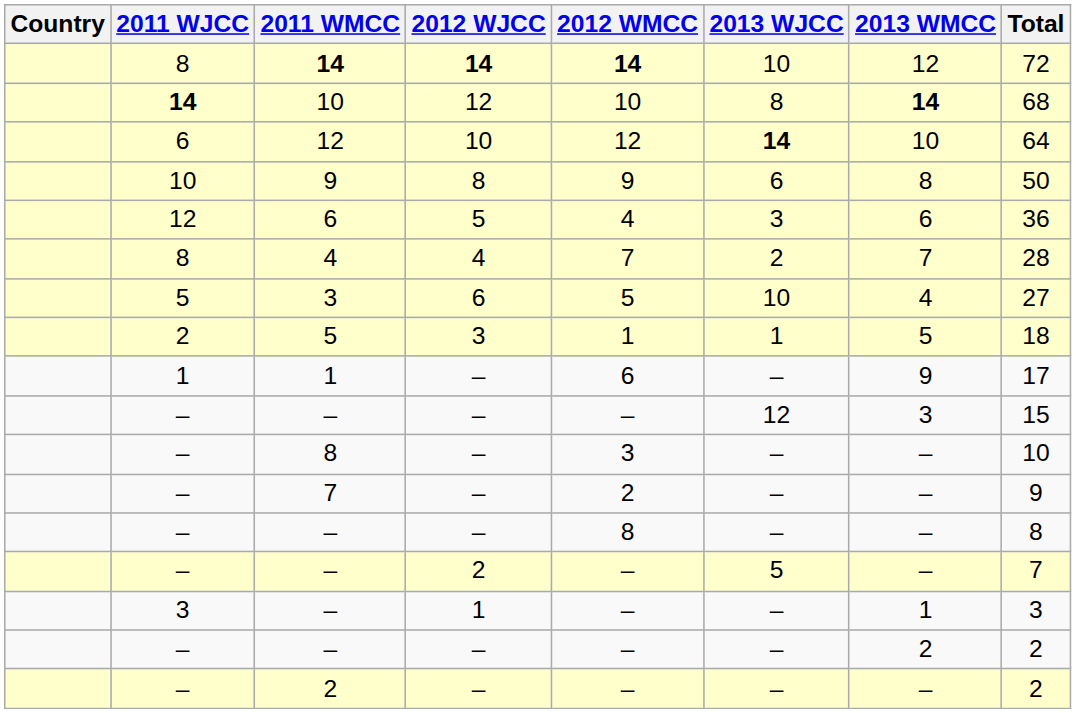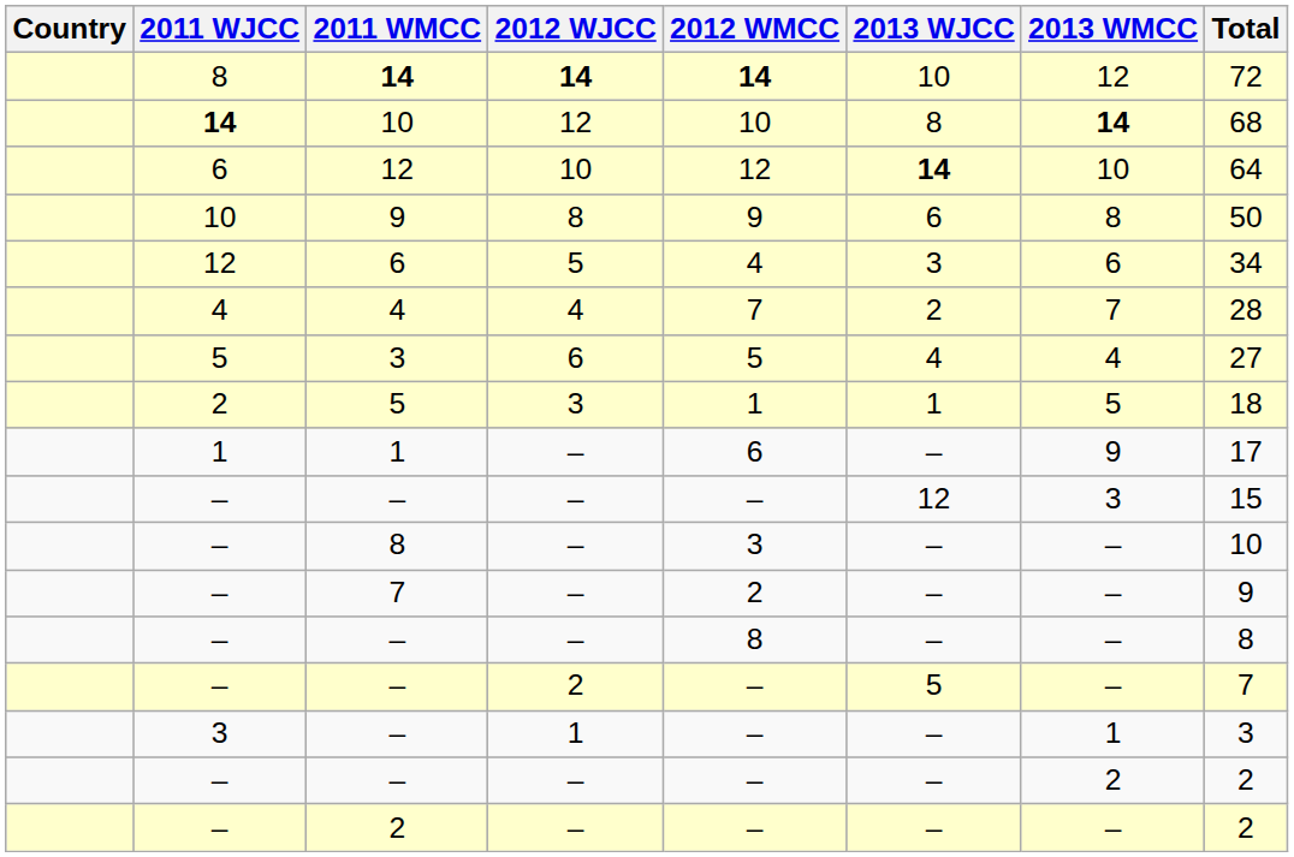 <table class="wikitable sortable" style="text-align:center;">
 <tr>
 <th>Country</th>
 <th><a href='#'>2011 WJCC</a></th>
 <th><a href='#'>2011 WMCC</a></th>
 <th><a href='#'>2012 WJCC</a></th>
 <th><a href='#'>2012 WMCC</a></th>
 <th><a href='#'>2013 WJCC</a></th>
 <th><a href='#'>2013 WMCC</a></th>
 <th>Total</th>
 </tr>
 <tr bgcolor=#ffffcc>
 <td align=left></td>
 <td>8</td>
 <td><strong>14</strong></td>
 <td><strong>14</strong></td>
 <td><strong>14</strong></td>
 <td>10</td>
 <td>12</td>
 <td>72</td>
 </tr>
 <tr bgcolor=#ffffcc>
 <td align=left></td>
 <td><strong>14</strong></td>
 <td>10</td>
 <td>12</td>
 <td>10</td>
 <td>8</td>
 <td><strong>14</strong></td>
 <td>68</td>
 </tr>
 <tr bgcolor=#ffffcc>
 <td align=left></td>
 <td>6</td>
 <td>12</td>
 <td>10</td>
 <td>12</td>
 <td><strong>14</strong></td>
 <td>10</td>
 <td>64</td>
 </tr>
 <tr bgcolor=#ffffcc>
 <td align=left></td>
 <td>10</td>
 <td>9</td>
 <td>8</td>
 <td>9</td>
 <td>6</td>
 <td>8</td>
 <td>50</td>
 </tr>
 <tr bgcolor=#ffffcc>
 <td align=left></td>
 <td>12</td>
 <td>6</td>
 <td>5</td>
 <td>4</td>
 <td>3</td>
 <td>6</td>
-<td>36</td>
+<td>34</td>
 </tr>
 <tr bgcolor=#ffffcc>
 <td align=left></td>
-<td>8</td>
+<td>4</td>
 <td>4</td>
 <td>4</td>
 <td>7</td>
 <td>2</td>
 <td>7</td>
 <td>28</td>
 </tr>
 <tr bgcolor=#ffffcc>
 <td align=left></td>
 <td>5</td>
 <td>3</td>
 <td>6</td>
 <td>5</td>
-<td>10</td>
+<td>4</td>
 <td>4</td>
 <td>27</td>
 </tr>
 <tr bgcolor=#ffffcc>
 <td align=left></td>
 <td>2</td>
 <td>5</td>
 <td>3</td>
 <td>1</td>
 <td>1</td>
 <td>5</td>
 <td>18</td>
 </tr>
 <tr>
 <td align=left></td>
 <td>1</td>
 <td>1</td>
 <td>–</td>
 <td>6</td>
 <td>–</td>
 <td>9</td>
 <td>17</td>
 </tr>
 <tr>
 <td align=left></td>
 <td>–</td>
 <td>–</td>
 <td>–</td>
 <td>–</td>
 <td>12</td>
 <td>3</td>
 <td>15</td>
 </tr>
 <tr>
 <td align=left></td>
 <td>–</td>
 <td>8</td>
 <td>–</td>
 <td>3</td>
 <td>–</td>
 <td>–</td>
 <td>10</td>
 </tr>
 <tr>
 <td align=left></td>
 <td>–</td>
 <td>7</td>
 <td>–</td>
 <td>2</td>
 <td>–</td>
 <td>–</td>
 <td>9</td>
 </tr>
 <tr>
 <td align=left></td>
 <td>–</td>
 <td>–</td>
 <td>–</td>
 <td>8</td>
 <td>–</td>
 <td>–</td>
 <td>8</td>
 </tr>
 <tr bgcolor=#ffffcc>
 <td align=left></td>
 <td>–</td>
 <td>–</td>
 <td>2</td>
 <td>–</td>
 <td>5</td>
 <td>–</td>
 <td>7</td>
 </tr>
 <tr>
 <td align=left></td>
 <td>3</td>
 <td>–</td>
 <td>1</td>
 <td>–</td>
 <td>–</td>
 <td>1</td>
 <td>3</td>
 </tr>
 <tr>
 <td align=left></td>
 <td>–</td>
 <td>–</td>
 <td>–</td>
 <td>–</td>
 <td>–</td>
 <td>2</td>
 <td>2</td>
 </tr>
 <tr bgcolor=#ffffcc>
 <td align=left></td>
 <td>–</td>
 <td>2</td>
 <td>–</td>
 <td>–</td>
 <td>–</td>
 <td>–</td>
 <td>2</td>
 </tr>
 </table>
